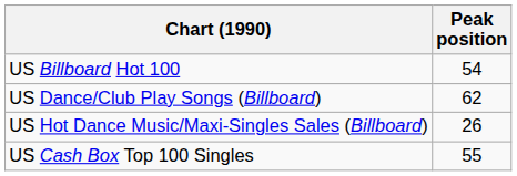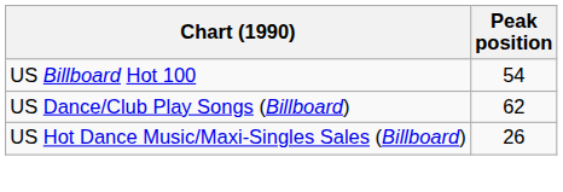 <table class="wikitable sortable">
 <tr>
 <th>Chart (1990)</th>
 <th>Peak<br>position</th>
 </tr>
 <tr>
 <td align="left">US <em><a href='#'>Billboard</a></em> <a href='#'>Hot 100</a></td>
 <td style="text-align:center;">54</td>
 </tr>
 <tr>
 <td align="left">US <a href='#'>Dance/Club Play Songs</a> (<em><a href='#'>Billboard</a></em>)</td>
 <td style="text-align:center;">62</td>
 </tr>
 <tr>
 <td align="left">US <a href='#'>Hot Dance Music/Maxi-Singles Sales</a> (<em><a href='#'>Billboard</a></em>)</td>
 <td style="text-align:center;">26</td>
 </tr>
-<tr>
-<td align="left">US <em><a href='#'>Cash Box</a></em> Top 100 Singles</td>
-<td style="text-align:center;">55</td>
-</tr>
 </table>
